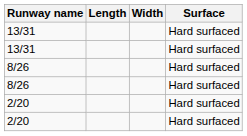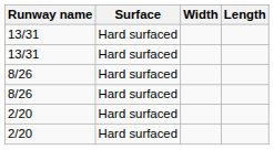 <table class="wikitable">
 <tr>
 <th>Runway name</th>
+<th>Surface</th>
+<th>Width</th>
 <th>Length</th>
-<th>Width</th>
-<th>Surface</th>
 </tr>
 <tr>
 <td>13/31</td>
+<td>Hard surfaced</td>
 <td></td>
 <td></td>
-<td>Hard surfaced</td>
 </tr>
 <tr>
 <td>13/31</td>
+<td>Hard surfaced</td>
 <td></td>
 <td></td>
-<td>Hard surfaced</td>
 </tr>
 <tr>
 <td>8/26</td>
+<td>Hard surfaced</td>
 <td></td>
 <td></td>
-<td>Hard surfaced</td>
 </tr>
 <tr>
 <td>8/26</td>
+<td>Hard surfaced</td>
 <td></td>
 <td></td>
-<td>Hard surfaced</td>
 </tr>
 <tr>
 <td>2/20</td>
+<td>Hard surfaced</td>
 <td></td>
 <td></td>
-<td>Hard surfaced</td>
 </tr>
 <tr>
 <td>2/20</td>
+<td>Hard surfaced</td>
 <td></td>
 <td></td>
-<td>Hard surfaced</td>
 </tr>
 </table>
